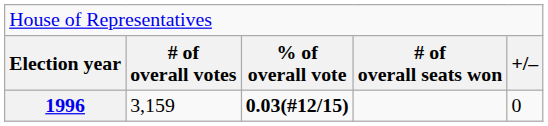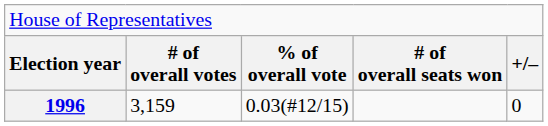 <table class=wikitable>
 <tr>
 <td colspan=5><a href='#'>House of Representatives</a></td>
 </tr>
 <tr>
 <th>Election year</th>
 <th># of<br>overall votes</th>
 <th>% of<br>overall vote</th>
 <th># of<br>overall seats won</th>
 <th>+/–</th>
 </tr>
 <tr>
 <th><a href='#'>1996</a></th>
 <td>3,159</td>
-<td><strong>0.03(#12/15)</strong></td>
+<td>0.03(#12/15)</td>
 <td></td>
 <td> 0</td>
 </tr>
 </table>
